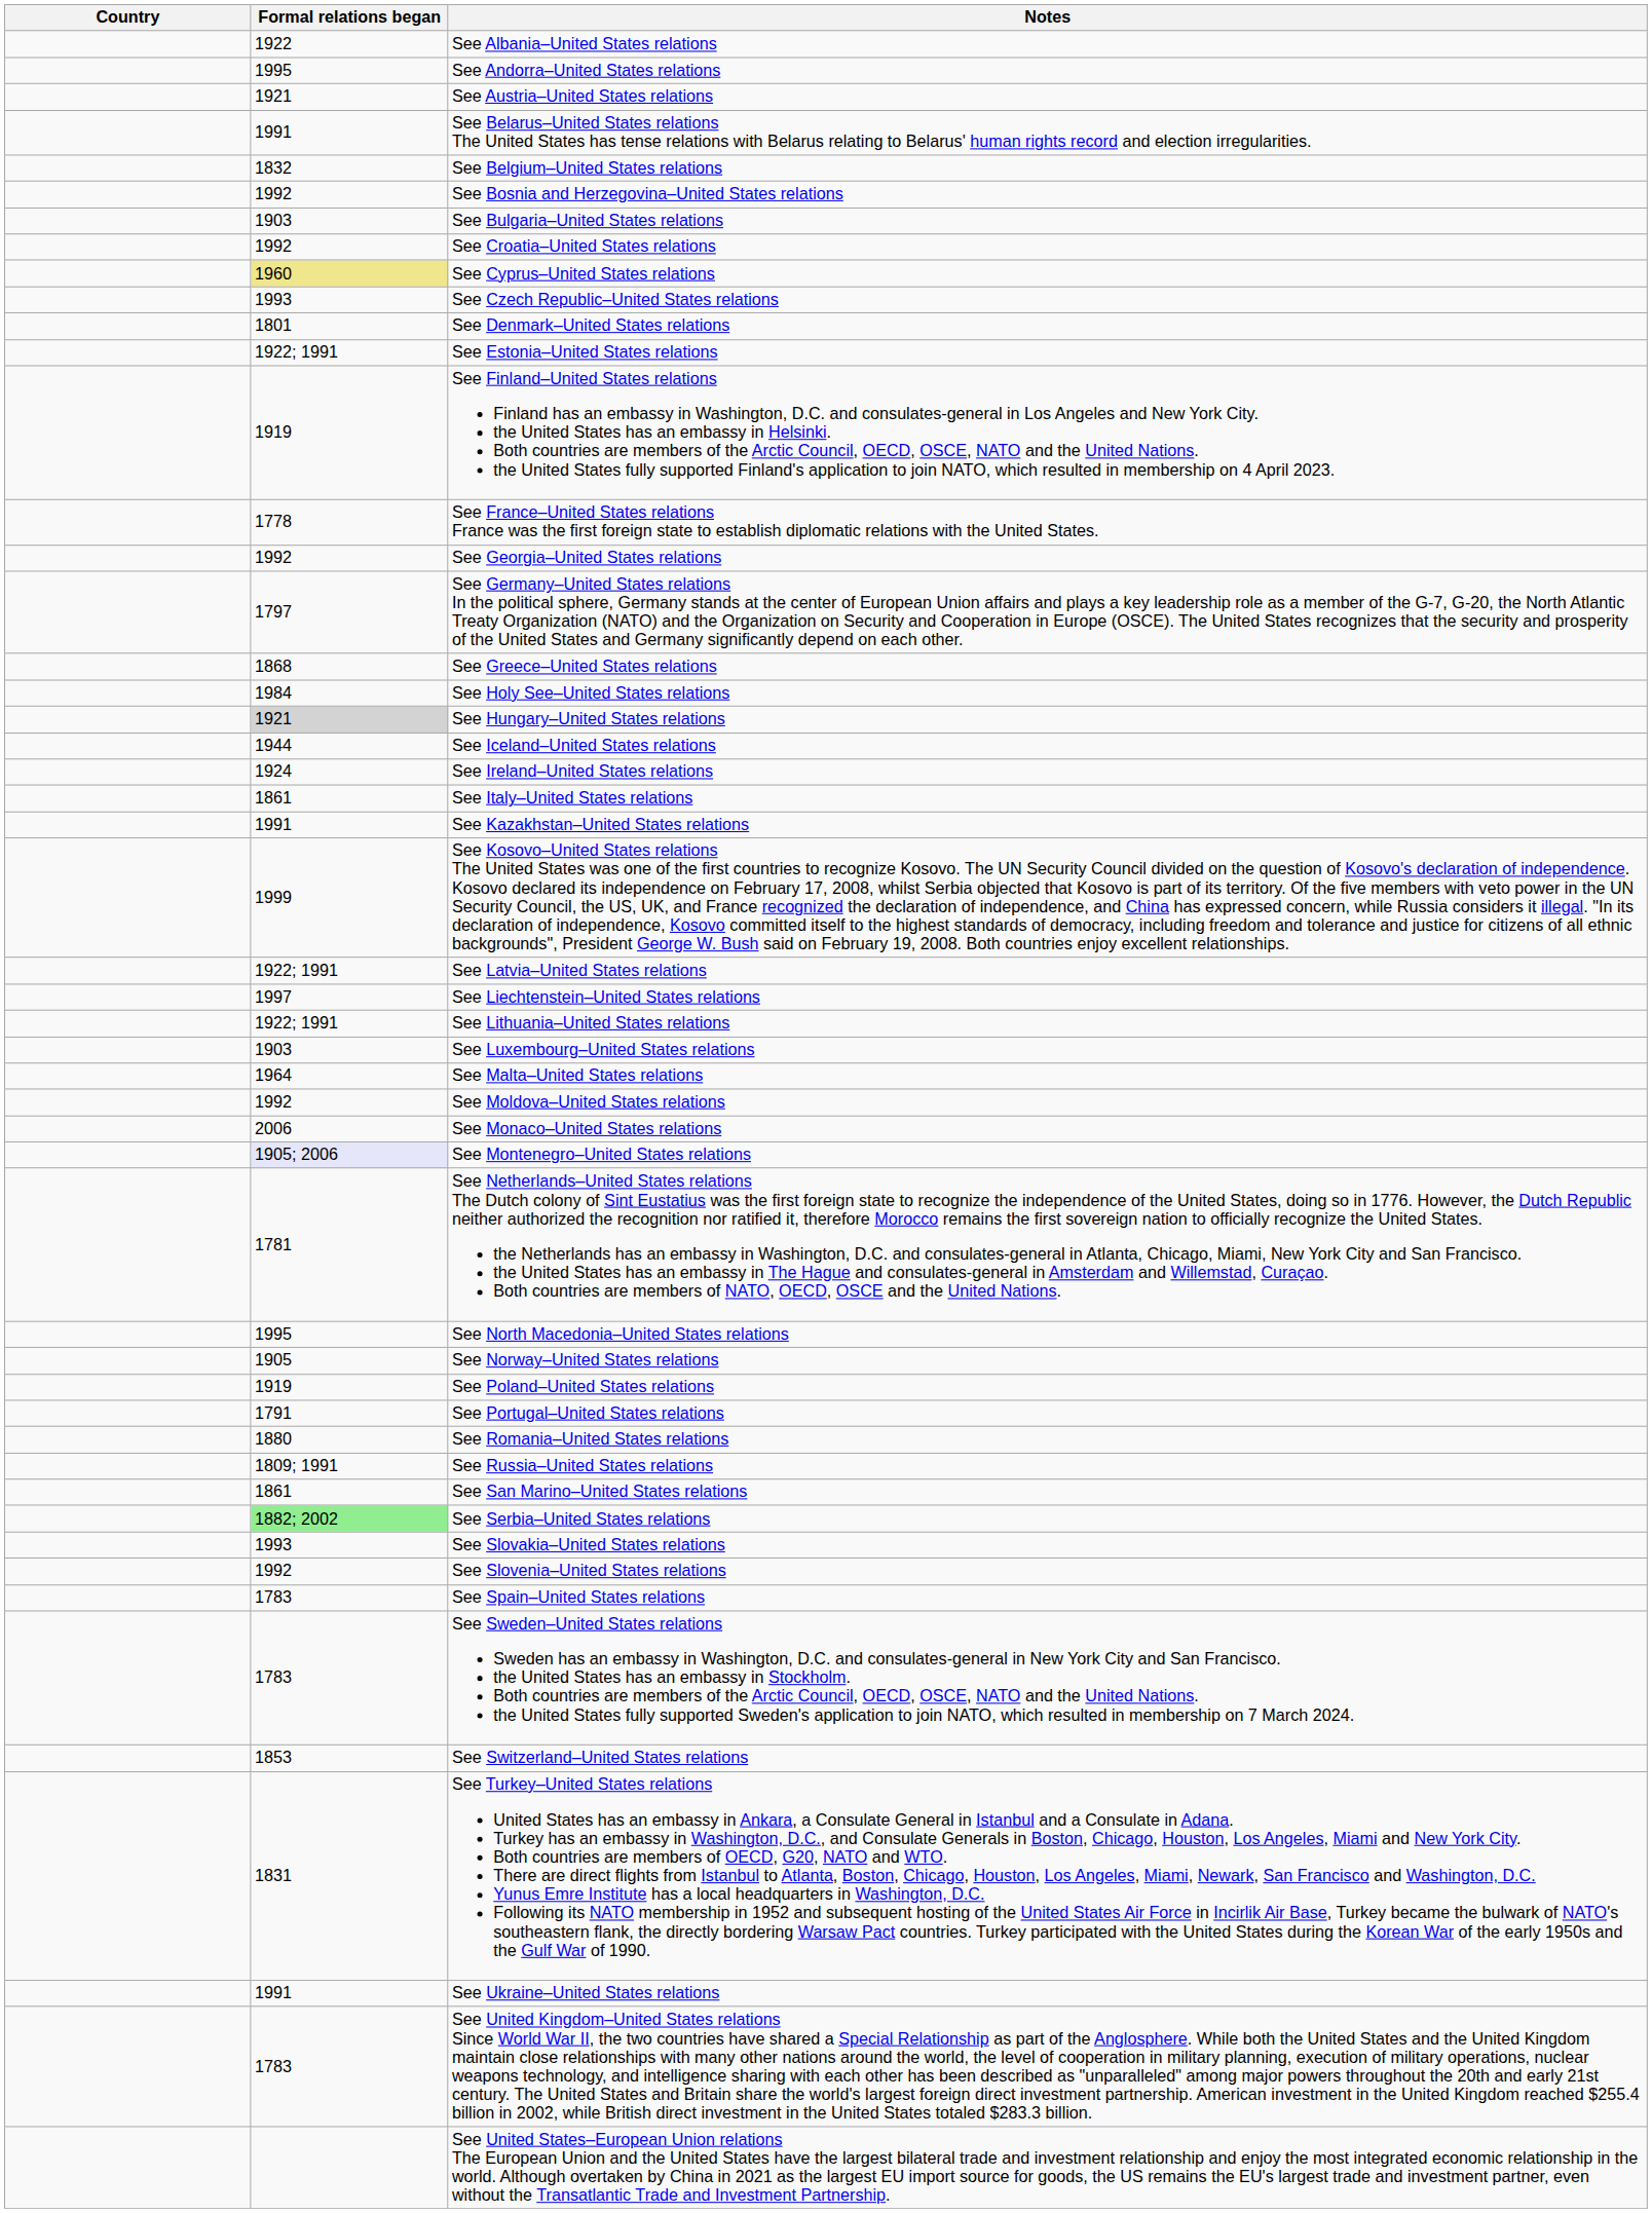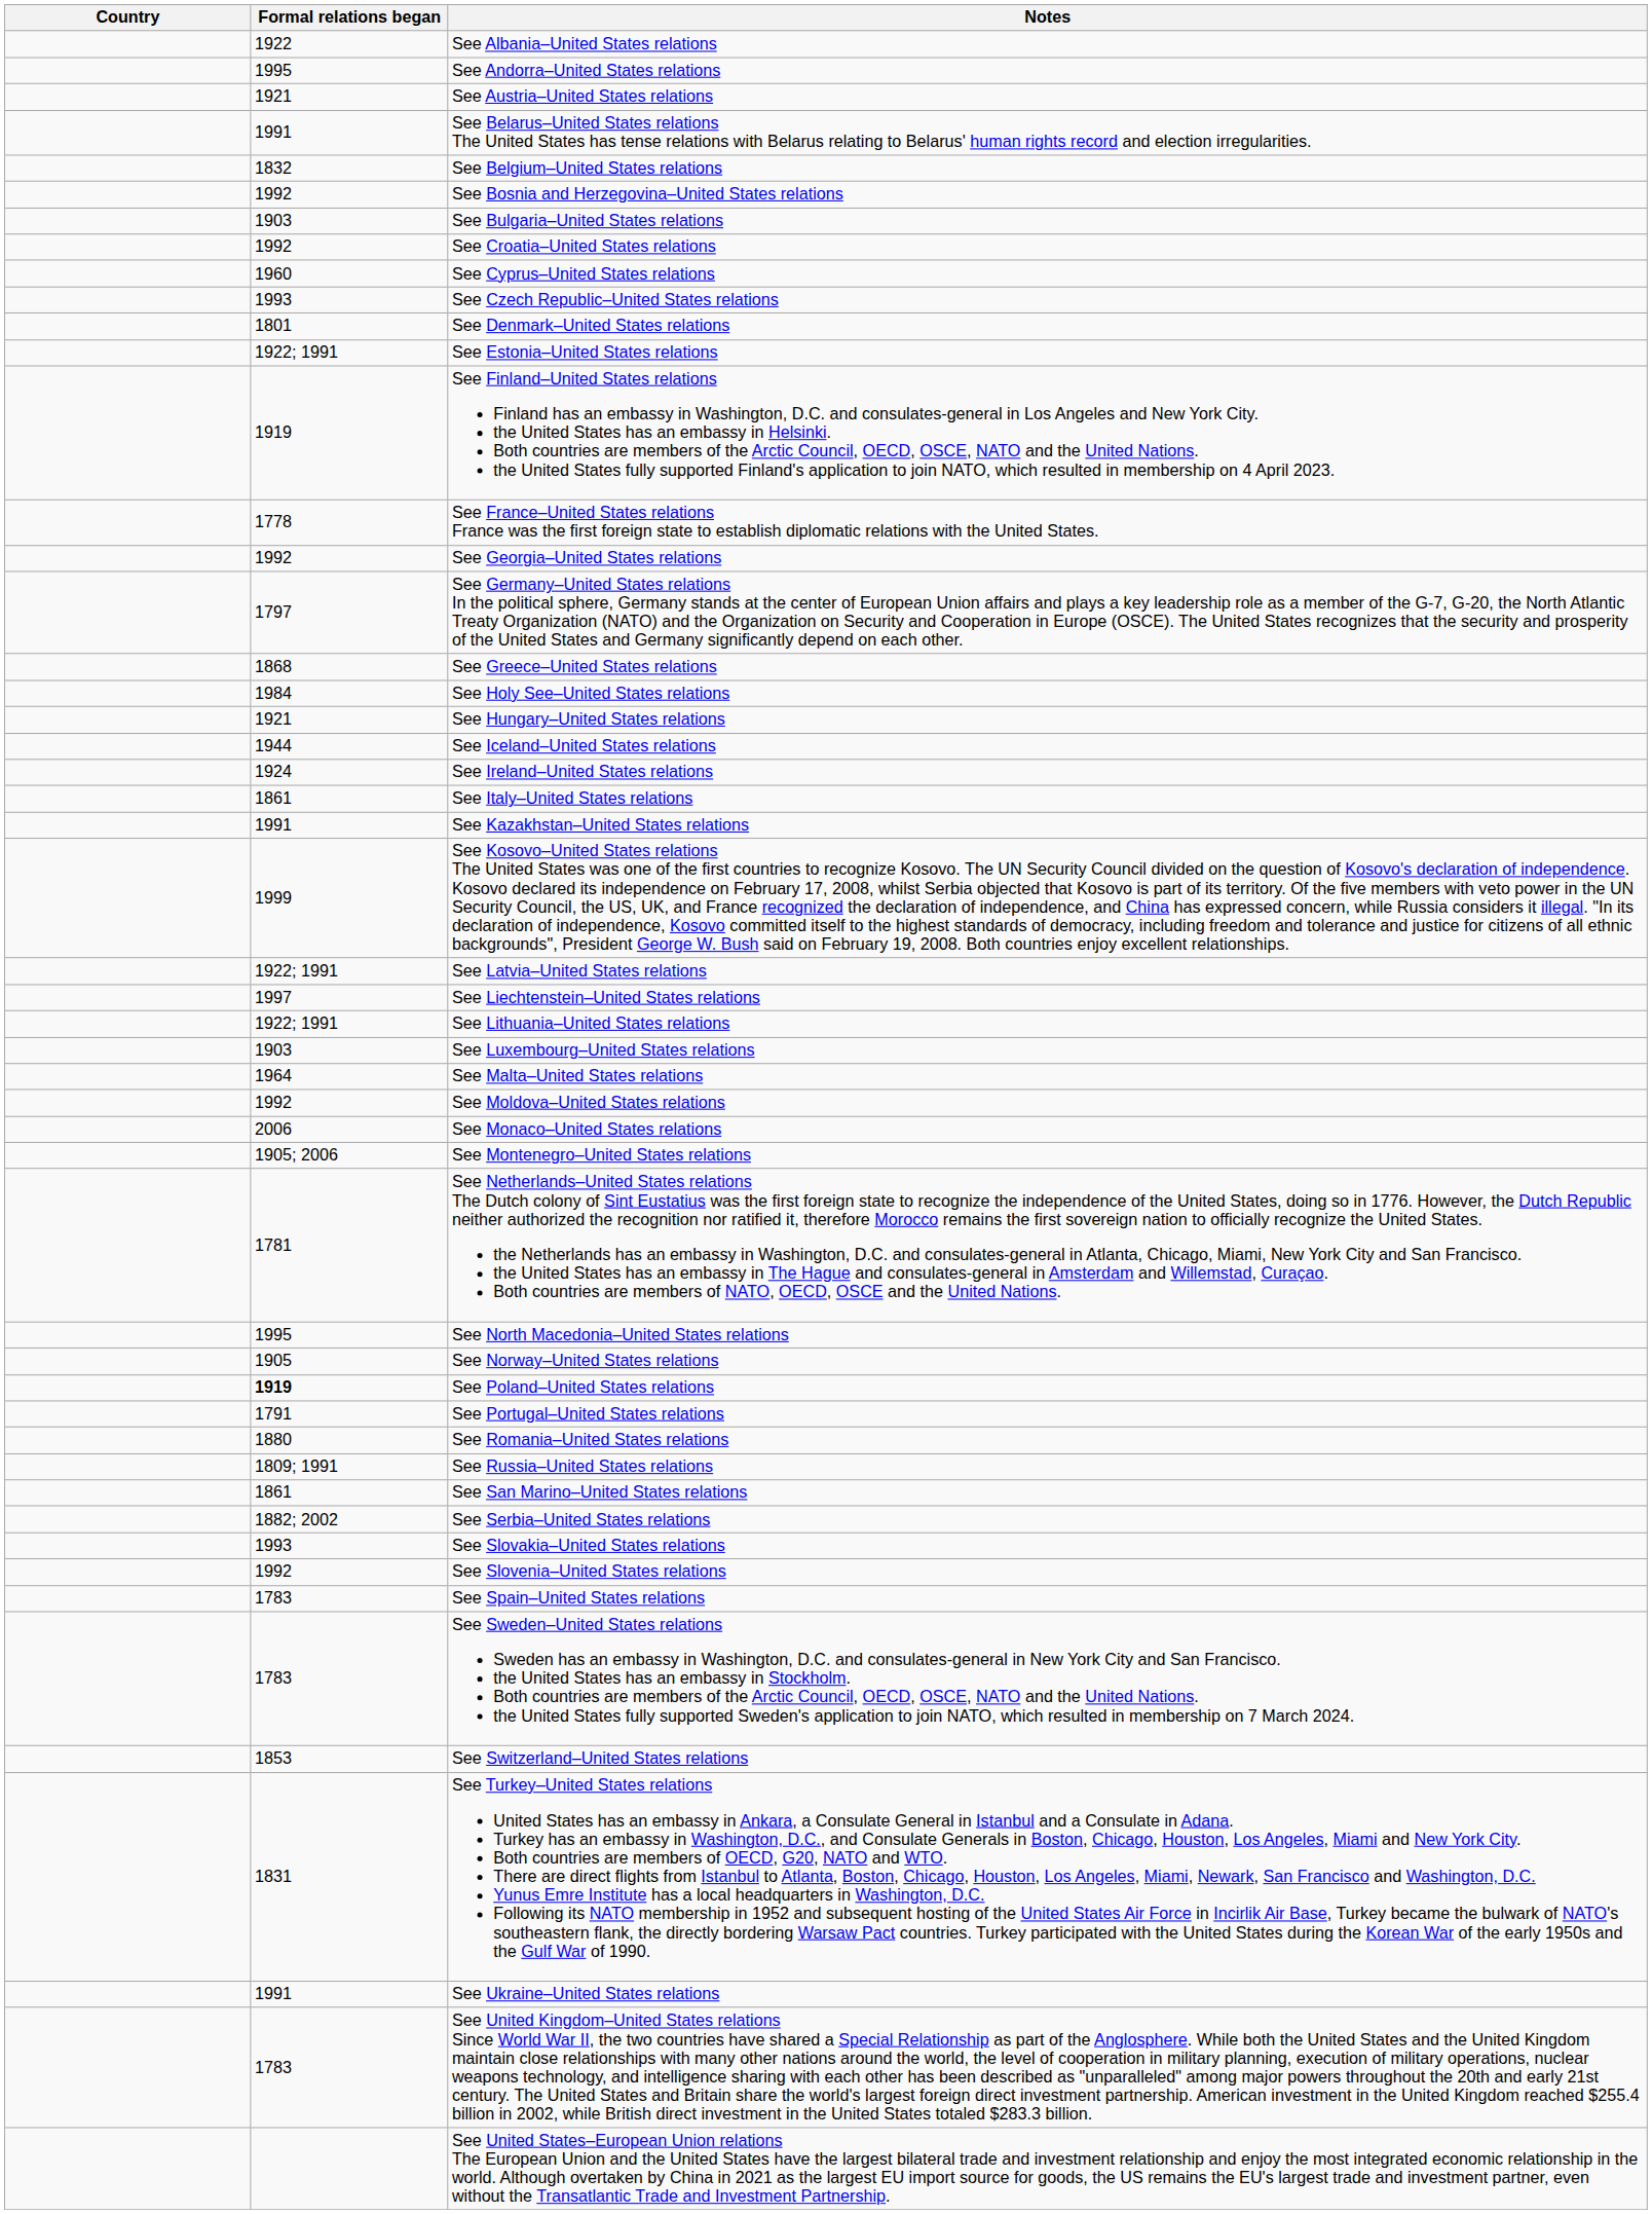 <table class="wikitable sortable" border="1" style="width:100%; margin:auto;">
 <tr>
 <th width="15%">Country</th>
 <th width="12%">Formal relations began</th>
 <th>Notes</th>
 </tr>
 <tr -valign="top">
 <td></td>
 <td>1922</td>
 <td>See <a href='#'>Albania–United States relations</a></td>
 </tr>
 <tr -valign="top">
 <td></td>
 <td>1995</td>
 <td>See <a href='#'>Andorra–United States relations</a></td>
 </tr>
 <tr -valign="top">
 <td></td>
 <td>1921</td>
 <td>See <a href='#'>Austria–United States relations</a></td>
 </tr>
 <tr -valign="top">
 <td></td>
 <td>1991</td>
 <td>See <a href='#'>Belarus–United States relations</a><br>The United States has tense relations with Belarus relating to Belarus' <a href='#'>human rights record</a> and election irregularities.</td>
 </tr>
 <tr -valign="top">
 <td></td>
 <td>1832</td>
 <td>See <a href='#'>Belgium–United States relations</a></td>
 </tr>
 <tr -valign="top">
 <td></td>
 <td>1992</td>
 <td>See <a href='#'>Bosnia and Herzegovina–United States relations</a></td>
 </tr>
 <tr -valign="top">
 <td></td>
 <td>1903</td>
 <td>See <a href='#'>Bulgaria–United States relations</a></td>
 </tr>
 <tr -valign="top">
 <td></td>
 <td>1992</td>
 <td>See <a href='#'>Croatia–United States relations</a></td>
 </tr>
 <tr -valign="top">
 <td></td>
-<td style="background: khaki;">1960</td>
+<td>1960</td>
 <td>See <a href='#'>Cyprus–United States relations</a></td>
 </tr>
 <tr -valign="top">
 <td></td>
 <td>1993</td>
 <td>See <a href='#'>Czech Republic–United States relations</a><br></td>
 </tr>
 <tr -valign="top">
 <td></td>
 <td>1801</td>
 <td>See <a href='#'>Denmark–United States relations</a></td>
 </tr>
 <tr -valign="top">
 <td></td>
 <td>1922; 1991</td>
 <td>See <a href='#'>Estonia–United States relations</a></td>
 </tr>
 <tr -valign="top">
 <td></td>
 <td>1919</td>
 <td>See <a href='#'>Finland–United States relations</a><br><ul><li>Finland has an embassy in Washington, D.C. and consulates-general in Los Angeles and New York City.</li><li>the United States has an embassy in <a href='#'>Helsinki</a>.</li><li>Both countries are members of the <a href='#'>Arctic Council</a>, <a href='#'>OECD</a>, <a href='#'>OSCE</a>, <a href='#'>NATO</a> and the <a href='#'>United Nations</a>.</li><li>the United States fully supported Finland's application to join NATO, which resulted in membership on 4 April 2023.</li></ul></td>
 </tr>
 <tr -valign="top">
 <td></td>
 <td>1778</td>
 <td>See <a href='#'>France–United States relations</a><br> France was the first foreign state to establish diplomatic relations with the United States.</td>
 </tr>
 <tr -valign="top">
 <td></td>
 <td>1992</td>
 <td>See <a href='#'>Georgia–United States relations</a></td>
 </tr>
 <tr -valign="top">
 <td></td>
 <td>1797</td>
 <td>See <a href='#'>Germany–United States relations</a><br> In the political sphere, Germany stands at the center of European Union affairs and plays a key leadership role as a member of the G-7, G-20, the North Atlantic Treaty Organization (NATO) and the Organization on Security and Cooperation in Europe (OSCE).  The United States recognizes that the security and prosperity of the United States and Germany significantly depend on each other.</td>
 </tr>
 <tr -valign="top">
 <td></td>
 <td>1868</td>
 <td>See <a href='#'>Greece–United States relations</a></td>
 </tr>
 <tr -valign="top">
 <td></td>
 <td>1984</td>
 <td>See <a href='#'>Holy See–United States relations</a></td>
 </tr>
 <tr -valign="top">
 <td></td>
-<td style="background: lightgrey;">1921</td>
+<td>1921</td>
 <td>See <a href='#'>Hungary–United States relations</a></td>
 </tr>
 <tr -valign="top">
 <td></td>
 <td>1944</td>
 <td>See <a href='#'>Iceland–United States relations</a></td>
 </tr>
 <tr -valign="top">
 <td></td>
 <td>1924</td>
 <td>See <a href='#'>Ireland–United States relations</a></td>
 </tr>
 <tr -valign="top">
 <td></td>
 <td>1861</td>
 <td>See <a href='#'>Italy–United States relations</a><br></td>
 </tr>
 <tr -valign="top">
 <td></td>
 <td>1991</td>
 <td>See <a href='#'>Kazakhstan–United States relations</a></td>
 </tr>
 <tr -valign="top">
 <td></td>
 <td>1999</td>
 <td>See <a href='#'>Kosovo–United States relations</a><br>The United States was one of the first countries to recognize Kosovo. The UN Security Council divided on the question of <a href='#'>Kosovo's declaration of independence</a>. Kosovo declared its independence on February 17, 2008, whilst Serbia objected that Kosovo is part of its territory. Of the five members with veto power in the UN Security Council, the US, UK, and France <a href='#'>recognized</a> the declaration of independence, and <a href='#'>China</a> has expressed concern, while Russia considers it <a href='#'>illegal</a>. "In its declaration of independence, <a href='#'>Kosovo</a> committed itself to the highest standards of democracy, including freedom and tolerance and justice for citizens of all ethnic backgrounds", President <a href='#'>George W. Bush</a> said on February 19, 2008. Both countries enjoy excellent relationships.</td>
 </tr>
 <tr -valign="top">
 <td></td>
 <td>1922; 1991</td>
 <td>See <a href='#'>Latvia–United States relations</a></td>
 </tr>
 <tr -valign="top">
 <td></td>
 <td>1997</td>
 <td>See <a href='#'>Liechtenstein–United States relations</a></td>
 </tr>
 <tr -valign="top">
 <td></td>
 <td>1922; 1991</td>
 <td>See <a href='#'>Lithuania–United States relations</a><br></td>
 </tr>
 <tr -valign="top">
 <td></td>
 <td>1903</td>
 <td>See <a href='#'>Luxembourg–United States relations</a></td>
 </tr>
 <tr -valign="top">
 <td></td>
 <td>1964</td>
 <td>See <a href='#'>Malta–United States relations</a></td>
 </tr>
 <tr -valign="top">
 <td></td>
 <td>1992</td>
 <td>See <a href='#'>Moldova–United States relations</a></td>
 </tr>
 <tr -valign="top">
 <td></td>
 <td>2006</td>
 <td>See <a href='#'>Monaco–United States relations</a></td>
 </tr>
 <tr -valign="top">
 <td></td>
-<td style="background: lavender;">1905; 2006</td>
+<td>1905; 2006</td>
 <td>See <a href='#'>Montenegro–United States relations</a></td>
 </tr>
 <tr -valign="top">
 <td></td>
 <td>1781</td>
 <td>See <a href='#'>Netherlands–United States relations</a><br>The Dutch colony of <a href='#'>Sint Eustatius</a> was the first foreign state to recognize the independence of the United States, doing so in 1776. However, the <a href='#'>Dutch Republic</a> neither authorized the recognition nor ratified it, therefore <a href='#'>Morocco</a> remains the first sovereign nation to officially recognize the United States.<br><ul><li>the Netherlands has an embassy in Washington, D.C. and consulates-general in Atlanta, Chicago, Miami, New York City and San Francisco.</li><li>the United States has an embassy in <a href='#'>The Hague</a> and consulates-general in <a href='#'>Amsterdam</a> and <a href='#'>Willemstad</a>, <a href='#'>Curaçao</a>.</li><li>Both countries are members of <a href='#'>NATO</a>, <a href='#'>OECD</a>, <a href='#'>OSCE</a> and the <a href='#'>United Nations</a>.</li></ul></td>
 </tr>
 <tr -valign="top">
 <td></td>
 <td>1995</td>
 <td>See <a href='#'>North Macedonia–United States relations</a></td>
 </tr>
 <tr -valign="top">
 <td></td>
 <td>1905</td>
 <td>See <a href='#'>Norway–United States relations</a></td>
 </tr>
 <tr -valign="top">
 <td></td>
-<td>1919</td>
+<td><strong>1919</strong></td>
 <td>See <a href='#'>Poland–United States relations</a><br></td>
 </tr>
 <tr -valign="top">
 <td></td>
 <td>1791</td>
 <td>See <a href='#'>Portugal–United States relations</a></td>
 </tr>
 <tr -valign="top">
 <td></td>
 <td>1880</td>
 <td>See <a href='#'>Romania–United States relations</a></td>
 </tr>
 <tr -valign="top">
 <td></td>
 <td>1809; 1991</td>
 <td>See <a href='#'>Russia–United States relations</a></td>
 </tr>
 <tr -valign="top">
 <td></td>
 <td>1861</td>
 <td>See <a href='#'>San Marino–United States relations</a></td>
 </tr>
 <tr -valign="top">
 <td></td>
-<td style="background: lightgreen;">1882; 2002</td>
+<td>1882; 2002</td>
 <td>See <a href='#'>Serbia–United States relations</a></td>
 </tr>
 <tr -valign="top">
 <td></td>
 <td>1993</td>
 <td>See <a href='#'>Slovakia–United States relations</a></td>
 </tr>
 <tr -valign="top">
 <td></td>
 <td>1992</td>
 <td>See <a href='#'>Slovenia–United States relations</a></td>
 </tr>
 <tr -valign="top">
 <td></td>
 <td>1783</td>
 <td>See <a href='#'>Spain–United States relations</a></td>
 </tr>
 <tr -valign="top">
 <td></td>
 <td>1783</td>
 <td>See <a href='#'>Sweden–United States relations</a><br><ul><li>Sweden has an embassy in Washington, D.C. and consulates-general in New York City and San Francisco.</li><li>the United States has an embassy in <a href='#'>Stockholm</a>.</li><li>Both countries are members of the <a href='#'>Arctic Council</a>, <a href='#'>OECD</a>, <a href='#'>OSCE</a>, <a href='#'>NATO</a> and the <a href='#'>United Nations</a>.</li><li>the United States fully supported Sweden's application to join NATO, which resulted in membership on 7 March 2024.</li></ul></td>
 </tr>
 <tr -valign="top">
 <td></td>
 <td>1853</td>
 <td>See <a href='#'>Switzerland–United States relations</a></td>
 </tr>
 <tr -valign="top">
 <td></td>
 <td>1831</td>
 <td>See <a href='#'>Turkey–United States relations</a><br><ul><li>United States has an embassy in <a href='#'>Ankara</a>, a Consulate General in <a href='#'>Istanbul</a> and a Consulate in <a href='#'>Adana</a>.</li><li>Turkey has an embassy in <a href='#'>Washington, D.C.</a>, and Consulate Generals in <a href='#'>Boston</a>, <a href='#'>Chicago</a>, <a href='#'>Houston</a>, <a href='#'>Los Angeles</a>, <a href='#'>Miami</a> and <a href='#'>New York City</a>.</li><li>Both countries are members of <a href='#'>OECD</a>, <a href='#'>G20</a>, <a href='#'>NATO</a> and <a href='#'>WTO</a>.</li><li>There are direct flights from <a href='#'>Istanbul</a>  to <a href='#'>Atlanta</a>, <a href='#'>Boston</a>, <a href='#'>Chicago</a>, <a href='#'>Houston</a>, <a href='#'>Los Angeles</a>, <a href='#'>Miami</a>, <a href='#'>Newark</a>, <a href='#'>San Francisco</a> and <a href='#'>Washington, D.C.</a></li><li><a href='#'>Yunus Emre Institute</a> has a local headquarters in <a href='#'>Washington, D.C.</a></li><li>Following its <a href='#'>NATO</a> membership in 1952 and subsequent hosting of the <a href='#'>United States Air Force</a> in <a href='#'>Incirlik Air Base</a>, Turkey became the bulwark of <a href='#'>NATO</a>'s southeastern flank, the directly bordering <a href='#'>Warsaw Pact</a> countries. Turkey participated with the United States during the <a href='#'>Korean War</a> of the early 1950s and the <a href='#'>Gulf War</a> of 1990.</li></ul></td>
 </tr>
 <tr -valign="top">
 <td></td>
 <td>1991</td>
 <td>See <a href='#'>Ukraine–United States relations</a></td>
 </tr>
 <tr -valign="top">
 <td></td>
 <td>1783</td>
 <td>See <a href='#'>United Kingdom–United States relations</a><br>Since <a href='#'>World War II</a>, the two countries have shared a <a href='#'>Special Relationship</a> as part of the <a href='#'>Anglosphere</a>. While both the United States and the United Kingdom maintain close relationships with many other nations around the world, the level of cooperation in military planning, execution of military operations, nuclear weapons technology, and intelligence sharing with each other has been described as "unparalleled" among major powers throughout the 20th and early 21st century. The United States and Britain share the world's largest foreign direct investment partnership. American investment in the United Kingdom reached $255.4 billion in 2002, while British direct investment in the United States totaled $283.3 billion.</td>
 </tr>
 <tr -valign="top">
 <td></td>
 <td></td>
 <td>See <a href='#'>United States–European Union relations</a><br> The European Union and the United States have the largest bilateral trade and investment relationship and enjoy the most integrated economic relationship in the world. Although overtaken by China in 2021 as the largest EU import source for goods, the US remains the EU's largest trade and investment partner, even without the <a href='#'>Transatlantic Trade and Investment Partnership</a>.</td>
 </tr>
 </table>
